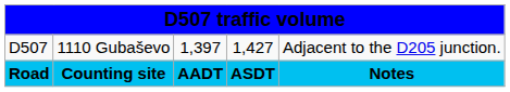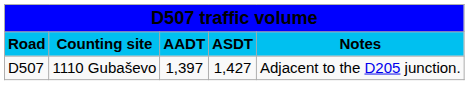 <table class="wikitable">
 <tr>
 <td colspan=5 bgcolor=blue align=center style=margin-top:15><span><big><strong>D507 traffic volume</strong></big></span></td>
+</tr>
+<tr>
+<td align=center bgcolor=00c0f0><strong>Road</strong></td>
+<td align=center bgcolor=00c0f0><strong>Counting site</strong></td>
+<td align=center bgcolor=00c0f0><strong>AADT</strong></td>
+<td align=center bgcolor=00c0f0><strong>ASDT</strong></td>
+<td align=center bgcolor=00c0f0><strong>Notes</strong></td>
 </tr>
 <tr>
 <td> D507</td>
 <td>1110 Gubaševo</td>
 <td align=center>1,397</td>
 <td align=center>1,427</td>
 <td>Adjacent to the <a href='#'>D205</a> junction.</td>
 </tr>
-<tr>
-<td align=center bgcolor=00c0f0><strong>Road</strong></td>
-<td align=center bgcolor=00c0f0><strong>Counting site</strong></td>
-<td align=center bgcolor=00c0f0><strong>AADT</strong></td>
-<td align=center bgcolor=00c0f0><strong>ASDT</strong></td>
-<td align=center bgcolor=00c0f0><strong>Notes</strong></td>
-</tr>
 </table>
